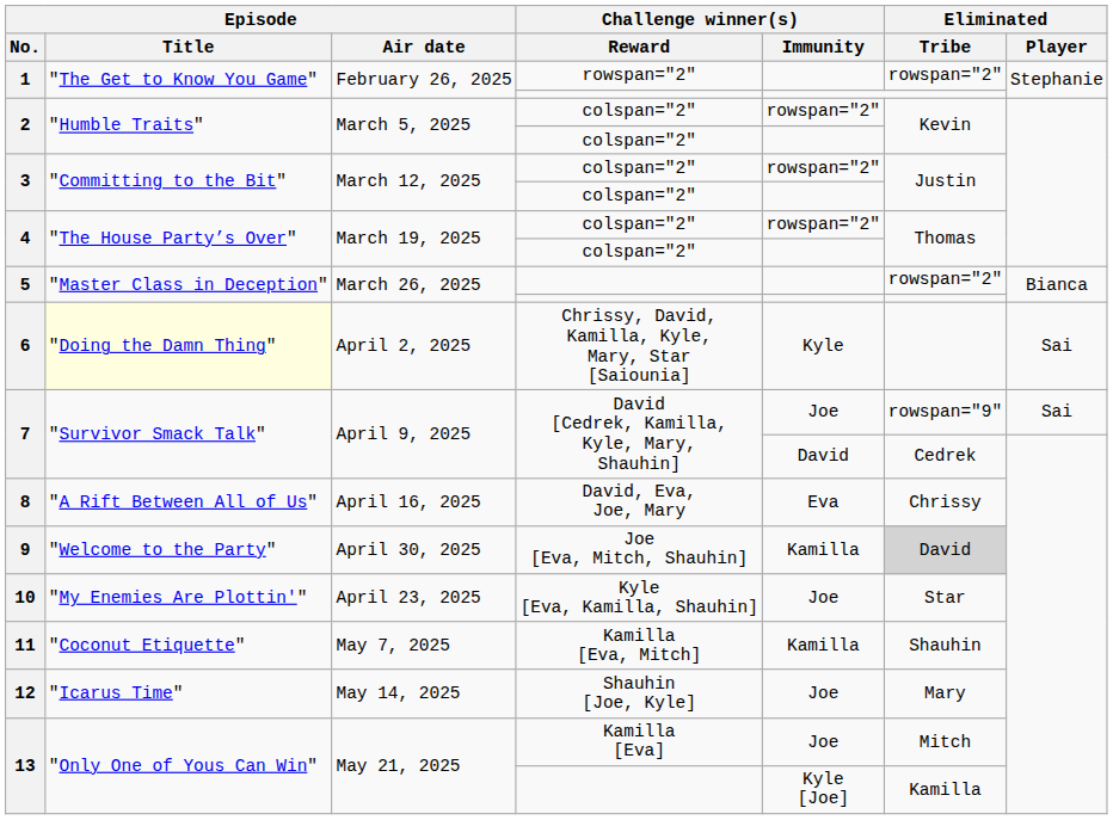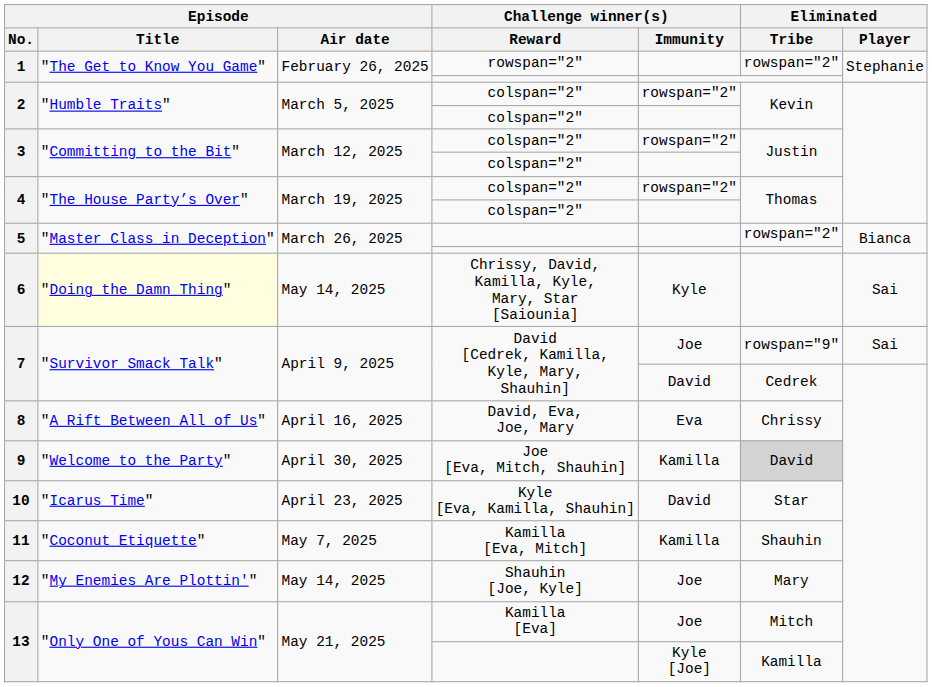 <table class="wikitable unsortable" style="text-align:center;">
 <tr>
 <th colspan="3" scope="col">Episode</th>
 <th colspan="2" scope="col">Challenge winner(s)</th>
 <th colspan="2" scope="col">Eliminated</th>
 </tr>
 <tr>
 <th scope="col">No.</th>
 <th scope="col">Title</th>
 <th scope="col">Air date</th>
 <th scope="col">Reward</th>
 <th scope="col">Immunity</th>
 <th scope="col">Tribe</th>
 <th scope="col">Player</th>
 </tr>
 <tr>
 <th rowspan="2">1</th>
 <td rowspan="2" align="left">"<a href='#'>The Get to Know You Game</a>"</td>
 <td rowspan="2" align="left">February 26, 2025</td>
 <td>rowspan="2"</td>
 <td></td>
 <td>rowspan="2" </td>
 <td rowspan="2">Stephanie</td>
 </tr>
 <tr>
 <td></td>
 </tr>
 <tr>
 <th rowspan="2">2</th>
 <td rowspan="2" align="left">"<a href='#'>Humble Traits</a>"</td>
 <td rowspan="2" align="left">March 5, 2025</td>
 <td>colspan="2" </td>
 <td>rowspan="2" </td>
 <td rowspan="2">Kevin</td>
 </tr>
 <tr>
 <td>colspan="2" </td>
 </tr>
 <tr>
 <th rowspan="2">3</th>
 <td rowspan="2" align="left">"<a href='#'>Committing to the Bit</a>"</td>
 <td rowspan="2" align="left">March 12, 2025</td>
 <td>colspan="2" </td>
 <td>rowspan="2" </td>
 <td rowspan="2">Justin</td>
 </tr>
 <tr>
 <td>colspan="2" </td>
 </tr>
 <tr>
 <th rowspan="2">4</th>
 <td rowspan="2" align="left">"<a href='#'>The House Party’s Over</a>"</td>
 <td rowspan="2" align="left">March 19, 2025</td>
 <td>colspan="2" </td>
 <td>rowspan="2" </td>
 <td rowspan="2">Thomas</td>
 </tr>
 <tr>
 <td>colspan="2" </td>
 </tr>
 <tr>
 <th rowspan="2">5</th>
 <td rowspan="2" align="left">"<a href='#'>Master Class in Deception</a>"</td>
 <td rowspan="2" align="left">March 26, 2025</td>
 <td></td>
 <td></td>
 <td>rowspan="2" </td>
 <td rowspan="2">Bianca</td>
 </tr>
 <tr>
 <td></td>
 <td></td>
 </tr>
 <tr>
 <th>6</th>
 <td align="left" style="background: lightyellow;">"<a href='#'>Doing the Damn Thing</a>"</td>
-<td align="left">April 2, 2025</td>
+<td align="left">May 14, 2025</td>
 <td>Chrissy, David,<br>Kamilla, Kyle,<br>Mary, Star<br>[Saiounia]</td>
 <td>Kyle</td>
 <td></td>
 <td>Sai</td>
 </tr>
 <tr>
 <th rowspan="2">7</th>
 <td rowspan="2" align="left">"<a href='#'>Survivor Smack Talk</a>"</td>
 <td rowspan="2" align="left">April 9, 2025</td>
 <td rowspan="2">David<br>[Cedrek, Kamilla,<br>Kyle, Mary,<br>Shauhin]</td>
 <td>Joe</td>
 <td>rowspan="9" </td>
 <td>Sai</td>
 </tr>
 <tr>
 <td>David</td>
 <td>Cedrek</td>
 </tr>
 <tr>
 <th>8</th>
 <td align="left">"<a href='#'>A Rift Between All of Us</a>"</td>
 <td align="left">April 16, 2025</td>
 <td>David, Eva,<br>Joe, Mary</td>
 <td>Eva</td>
 <td>Chrissy</td>
 </tr>
 <tr>
 <th>9</th>
 <td align="left">"<a href='#'>Welcome to the Party</a>"</td>
 <td align="left">April 30, 2025</td>
 <td>Joe<br>[Eva, Mitch, Shauhin]</td>
 <td>Kamilla</td>
 <td style="background: lightgrey;">David</td>
 </tr>
 <tr>
 <th>10</th>
-<td align="left">"<a href='#'>My Enemies Are Plottin'</a>"</td>
+<td align="left">"<a href='#'>Icarus Time</a>"</td>
 <td align="left">April 23, 2025</td>
 <td>Kyle<br>[Eva, Kamilla, Shauhin]</td>
-<td>Joe</td>
+<td>David</td>
 <td>Star</td>
 </tr>
 <tr>
 <th>11</th>
 <td align="left">"<a href='#'>Coconut Etiquette</a>"</td>
 <td align="left">May 7, 2025</td>
 <td>Kamilla<br>[Eva, Mitch]</td>
 <td>Kamilla</td>
 <td>Shauhin</td>
 </tr>
 <tr>
 <th>12</th>
-<td align="left">"<a href='#'>Icarus Time</a>"</td>
+<td align="left">"<a href='#'>My Enemies Are Plottin'</a>"</td>
 <td align="left">May 14, 2025</td>
 <td>Shauhin<br>[Joe, Kyle]</td>
 <td>Joe</td>
 <td>Mary</td>
 </tr>
 <tr>
 <th rowspan="2">13</th>
 <td rowspan="2" style="text-align:left">"<a href='#'>Only One of Yous Can Win</a>"</td>
 <td rowspan="2" style="text-align:left">May 21, 2025</td>
 <td>Kamilla<br>[Eva]</td>
 <td>Joe</td>
 <td>Mitch</td>
 </tr>
 <tr>
 <td></td>
 <td>Kyle<br>[Joe]</td>
 <td>Kamilla</td>
 </tr>
 </table>
